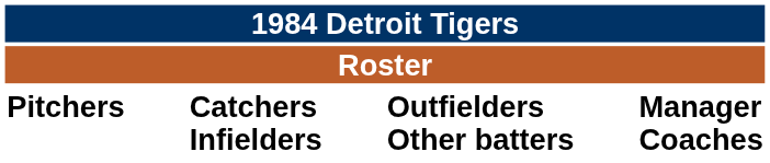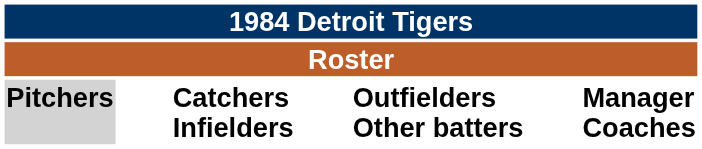 <table class="toccolours" style="font-size: 95%;">
 <tr>
 <th colspan="10" style="background-color: #003366; color: white; text-align: center;">1984 Detroit Tigers</th>
 </tr>
 <tr>
 <td colspan="10" style="background-color: #bd5d29; color: white; text-align: center;"><strong>Roster</strong></td>
 </tr>
 <tr>
-<td valign="top"><strong>Pitchers</strong><br>             </td>
+<td valign="top" style="background: lightgrey;"><strong>Pitchers</strong><br>             </td>
 <td width="25px"></td>
 <td valign="top"><strong>Catchers</strong><br>   <strong>Infielders</strong>         </td>
 <td width="25px"></td>
 <td valign="top"><strong>Outfielders</strong><br>       <strong>Other batters</strong>  </td>
 <td width="25px"></td>
 <td valign="top"><strong>Manager</strong><br> <strong>Coaches</strong>     </td>
 </tr>
 <tr>
 </tr>
 </table>
